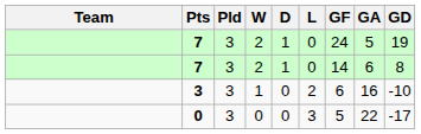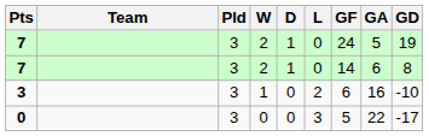 <table class="wikitable" style="text-align: center;">
 <tr>
+<th width="20">Pts</th>
 <th width="175">Team</th>
-<th width="20">Pts</th>
 <th width="20">Pld</th>
 <th width="20">W</th>
 <th width="20">D</th>
 <th width="20">L</th>
 <th width="20">GF</th>
 <th width="20">GA</th>
 <th width="20">GD</th>
 </tr>
 <tr bgcolor="#ccffcc">
+<td><strong>7</strong></td>
 <td align=left></td>
-<td><strong>7</strong></td>
 <td>3</td>
 <td>2</td>
 <td>1</td>
 <td>0</td>
 <td>24</td>
 <td>5</td>
 <td>19</td>
 </tr>
 <tr bgcolor="#ccffcc">
+<td><strong>7</strong></td>
 <td align=left></td>
-<td><strong>7</strong></td>
 <td>3</td>
 <td>2</td>
 <td>1</td>
 <td>0</td>
 <td>14</td>
 <td>6</td>
 <td>8</td>
 </tr>
 <tr>
+<td><strong>3</strong></td>
 <td align=left></td>
-<td><strong>3</strong></td>
 <td>3</td>
 <td>1</td>
 <td>0</td>
 <td>2</td>
 <td>6</td>
 <td>16</td>
 <td>-10</td>
 </tr>
 <tr>
+<td><strong>0</strong></td>
 <td align=left></td>
-<td><strong>0</strong></td>
 <td>3</td>
 <td>0</td>
 <td>0</td>
 <td>3</td>
 <td>5</td>
 <td>22</td>
 <td>-17</td>
 </tr>
 </table>
